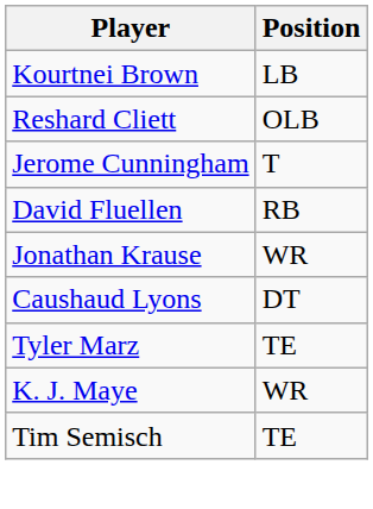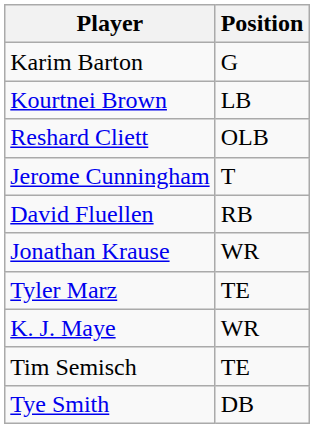 <table class="wikitable sortable">
 <tr>
 <th>Player</th>
 <th>Position</th>
+</tr>
+<tr>
+<td>Karim Barton</td>
+<td>G</td>
 </tr>
 <tr>
 <td><a href='#'>Kourtnei Brown</a></td>
 <td>LB</td>
 </tr>
 <tr>
 <td><a href='#'>Reshard Cliett</a></td>
 <td>OLB</td>
 </tr>
 <tr>
 <td><a href='#'>Jerome Cunningham</a></td>
 <td>T</td>
 </tr>
 <tr>
 <td><a href='#'>David Fluellen</a></td>
 <td>RB</td>
 </tr>
 <tr>
 <td><a href='#'>Jonathan Krause</a></td>
 <td>WR</td>
 </tr>
 <tr>
-<td><a href='#'>Caushaud Lyons</a></td>
-<td>DT</td>
-</tr>
-<tr>
 <td><a href='#'>Tyler Marz</a></td>
 <td>TE</td>
 </tr>
 <tr>
 <td><a href='#'>K. J. Maye</a></td>
 <td>WR</td>
 </tr>
 <tr>
 <td>Tim Semisch</td>
 <td>TE</td>
 </tr>
+<tr>
+<td><a href='#'>Tye Smith</a></td>
+<td>DB</td>
+</tr>
 </table>
